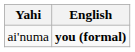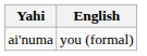 <table class="wikitable">
 <tr>
 <th>Yahi</th>
 <th>English</th>
 </tr>
 <tr>
 <td>ai'numa</td>
-<td><strong>you (formal)</strong></td>
+<td>you (formal)</td>
 </tr>
 </table>
